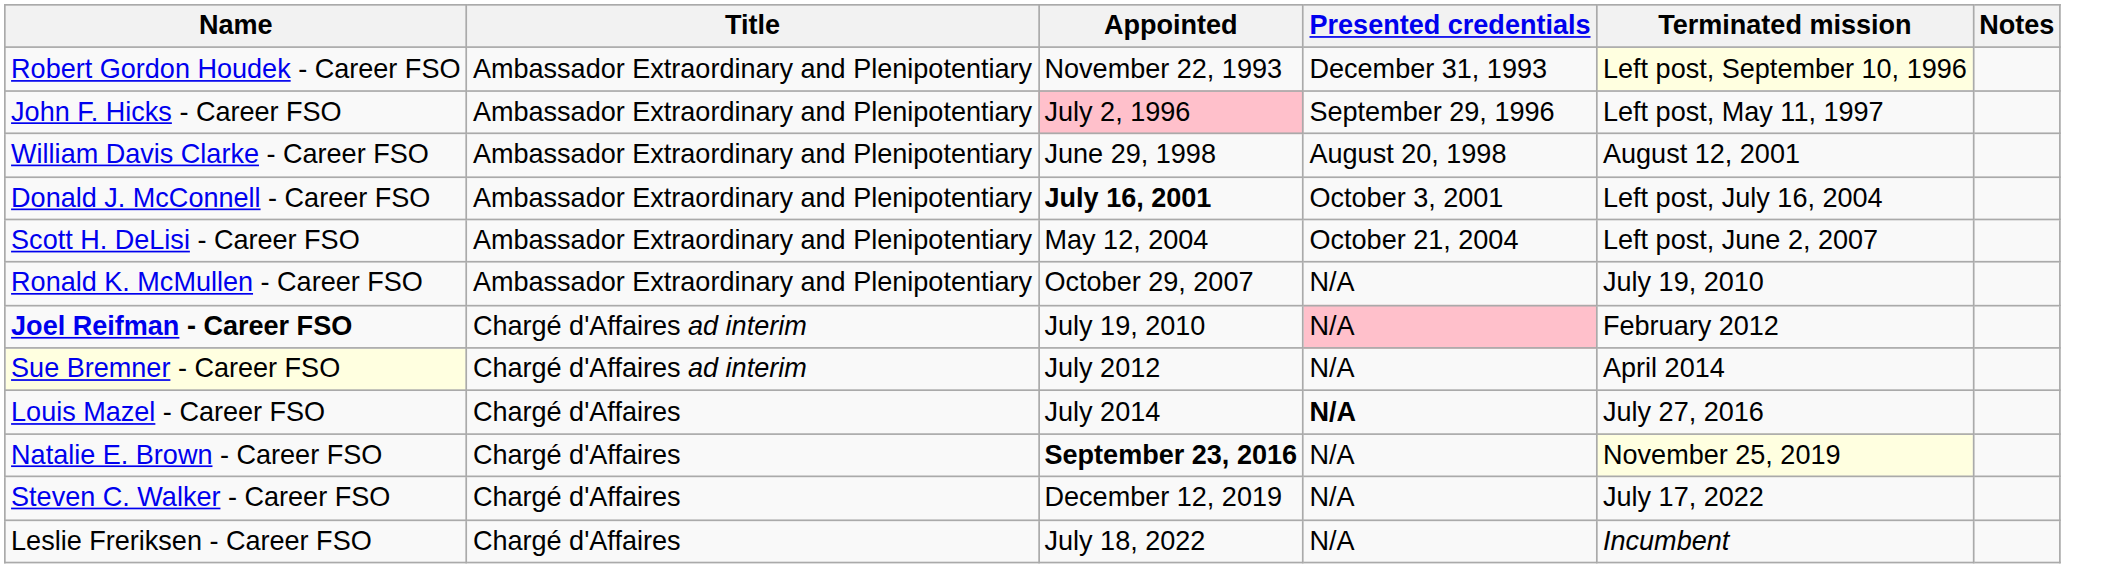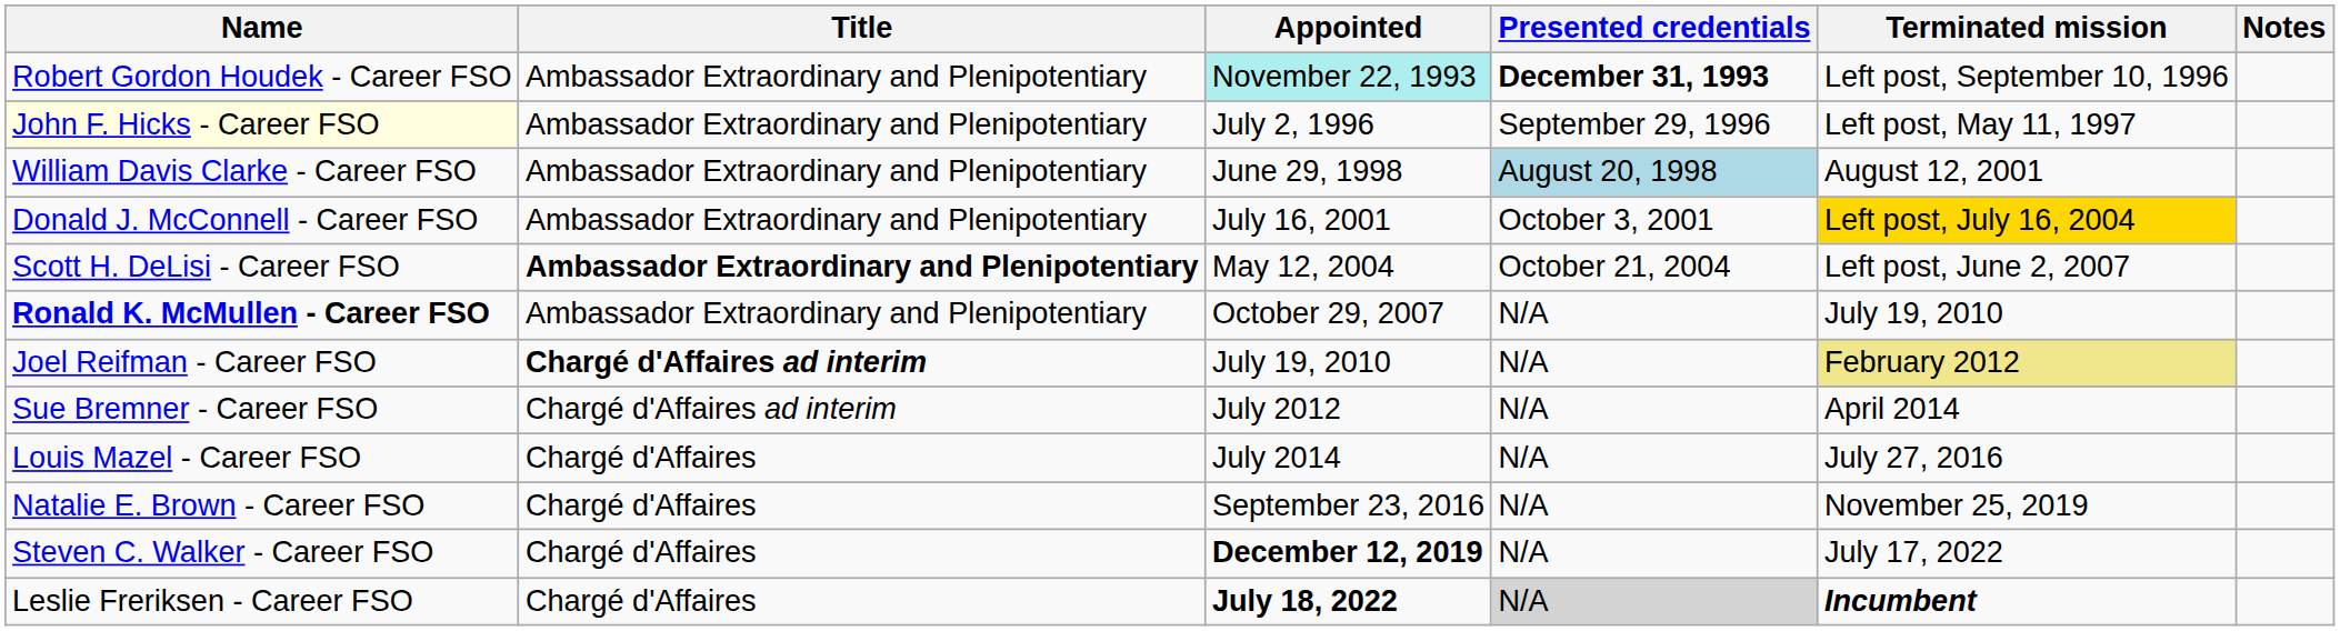 <table class="wikitable">
 <tr>
 <th>Name</th>
 <th>Title</th>
 <th>Appointed</th>
 <th><a href='#'>Presented credentials</a></th>
 <th>Terminated mission</th>
 <th>Notes</th>
 </tr>
 <tr>
 <td><a href='#'>Robert Gordon Houdek</a> - Career FSO</td>
 <td>Ambassador Extraordinary and Plenipotentiary</td>
-<td>November 22, 1993</td>
-<td>December 31, 1993</td>
-<td style="background: lightyellow;">Left post, September 10, 1996</td>
+<td style="background: paleturquoise;">November 22, 1993</td>
+<td><strong>December 31, 1993</strong></td>
+<td>Left post, September 10, 1996</td>
 <td></td>
 </tr>
 <tr>
-<td><a href='#'>John F. Hicks</a> - Career FSO</td>
+<td style="background: lightyellow;"><a href='#'>John F. Hicks</a> - Career FSO</td>
 <td>Ambassador Extraordinary and Plenipotentiary</td>
-<td style="background: pink;">July 2, 1996</td>
+<td>July 2, 1996</td>
 <td>September 29, 1996</td>
 <td>Left post, May 11, 1997</td>
 <td></td>
 </tr>
 <tr>
 <td><a href='#'>William Davis Clarke</a> - Career FSO</td>
 <td>Ambassador Extraordinary and Plenipotentiary</td>
 <td>June 29, 1998</td>
-<td>August 20, 1998</td>
+<td style="background: lightblue;">August 20, 1998</td>
 <td>August 12, 2001</td>
 <td></td>
 </tr>
 <tr>
 <td><a href='#'>Donald J. McConnell</a> - Career FSO</td>
 <td>Ambassador Extraordinary and Plenipotentiary</td>
-<td><strong>July 16, 2001</strong></td>
+<td>July 16, 2001</td>
 <td>October 3, 2001</td>
-<td>Left post, July 16, 2004</td>
+<td style="background: gold;">Left post, July 16, 2004</td>
 <td></td>
 </tr>
 <tr>
 <td><a href='#'>Scott H. DeLisi</a> - Career FSO</td>
-<td>Ambassador Extraordinary and Plenipotentiary</td>
+<td><strong>Ambassador Extraordinary and Plenipotentiary</strong></td>
 <td>May 12, 2004</td>
 <td>October 21, 2004</td>
 <td>Left post, June 2, 2007</td>
 <td></td>
 </tr>
 <tr>
-<td><a href='#'>Ronald K. McMullen</a> - Career FSO</td>
+<td><strong><a href='#'>Ronald K. McMullen</a> - Career FSO</strong></td>
 <td>Ambassador Extraordinary and Plenipotentiary</td>
 <td>October 29, 2007</td>
 <td>N/A</td>
 <td>July 19, 2010</td>
 <td></td>
 </tr>
 <tr>
-<td><strong><a href='#'>Joel Reifman</a> - Career FSO</strong></td>
-<td>Chargé d'Affaires <em>ad interim</em></td>
+<td><a href='#'>Joel Reifman</a> - Career FSO</td>
+<td><strong>Chargé d'Affaires <em>ad interim</em></strong></td>
 <td>July 19, 2010</td>
-<td style="background: pink;">N/A</td>
-<td>February 2012</td>
+<td>N/A</td>
+<td style="background: khaki;">February 2012</td>
 <td></td>
 </tr>
 <tr>
-<td style="background: lightyellow;"><a href='#'>Sue Bremner</a> - Career FSO</td>
+<td><a href='#'>Sue Bremner</a> - Career FSO</td>
 <td>Chargé d'Affaires <em>ad interim</em></td>
 <td>July 2012</td>
 <td>N/A</td>
 <td>April 2014</td>
 <td></td>
 </tr>
 <tr>
 <td><a href='#'>Louis Mazel</a> - Career FSO</td>
 <td>Chargé d'Affaires</td>
 <td>July 2014</td>
-<td><strong>N/A</strong></td>
+<td>N/A</td>
 <td>July 27, 2016</td>
 <td></td>
 </tr>
 <tr>
 <td><a href='#'>Natalie E. Brown</a> - Career FSO</td>
 <td>Chargé d'Affaires</td>
-<td><strong>September 23, 2016</strong></td>
+<td>September 23, 2016</td>
 <td>N/A</td>
-<td style="background: lightyellow;">November 25, 2019</td>
+<td>November 25, 2019</td>
 <td></td>
 </tr>
 <tr>
 <td><a href='#'>Steven C. Walker</a> - Career FSO</td>
 <td>Chargé d'Affaires</td>
-<td>December 12, 2019</td>
+<td><strong>December 12, 2019</strong></td>
 <td>N/A</td>
 <td>July 17, 2022</td>
 <td></td>
 </tr>
 <tr>
 <td>Leslie Freriksen - Career FSO</td>
 <td>Chargé d'Affaires</td>
-<td>July 18, 2022</td>
-<td>N/A</td>
-<td><em>Incumbent</em></td>
+<td><strong>July 18, 2022</strong></td>
+<td style="background: lightgrey;">N/A</td>
+<td><strong><em>Incumbent</em></strong></td>
 <td></td>
 </tr>
 </table>
